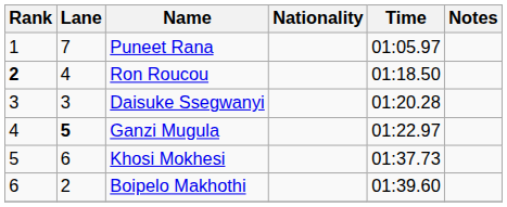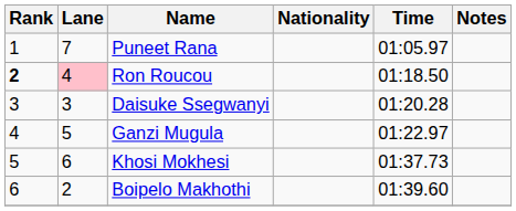 <table class="wikitable">
 <tr>
 <th>Rank</th>
 <th>Lane</th>
 <th>Name</th>
 <th>Nationality</th>
 <th>Time</th>
 <th>Notes</th>
 </tr>
 <tr>
 <td>1</td>
 <td>7</td>
 <td><a href='#'>Puneet Rana</a></td>
 <td></td>
 <td>01:05.97</td>
 <td></td>
 </tr>
 <tr>
 <td><strong>2</strong></td>
-<td>4</td>
+<td style="background: pink;">4</td>
 <td><a href='#'>Ron Roucou</a></td>
 <td></td>
 <td>01:18.50</td>
 <td></td>
 </tr>
 <tr>
 <td>3</td>
 <td>3</td>
 <td><a href='#'>Daisuke Ssegwanyi</a></td>
 <td></td>
 <td>01:20.28</td>
 <td></td>
 </tr>
 <tr>
 <td>4</td>
-<td><strong>5</strong></td>
+<td>5</td>
 <td><a href='#'>Ganzi Mugula</a></td>
 <td></td>
 <td>01:22.97</td>
 <td></td>
 </tr>
 <tr>
 <td>5</td>
 <td>6</td>
 <td><a href='#'>Khosi Mokhesi</a></td>
 <td></td>
 <td>01:37.73</td>
 <td></td>
 </tr>
 <tr>
 <td>6</td>
 <td>2</td>
 <td><a href='#'>Boipelo Makhothi</a></td>
 <td></td>
 <td>01:39.60</td>
 <td></td>
 </tr>
 <tr>
 </tr>
 </table>
